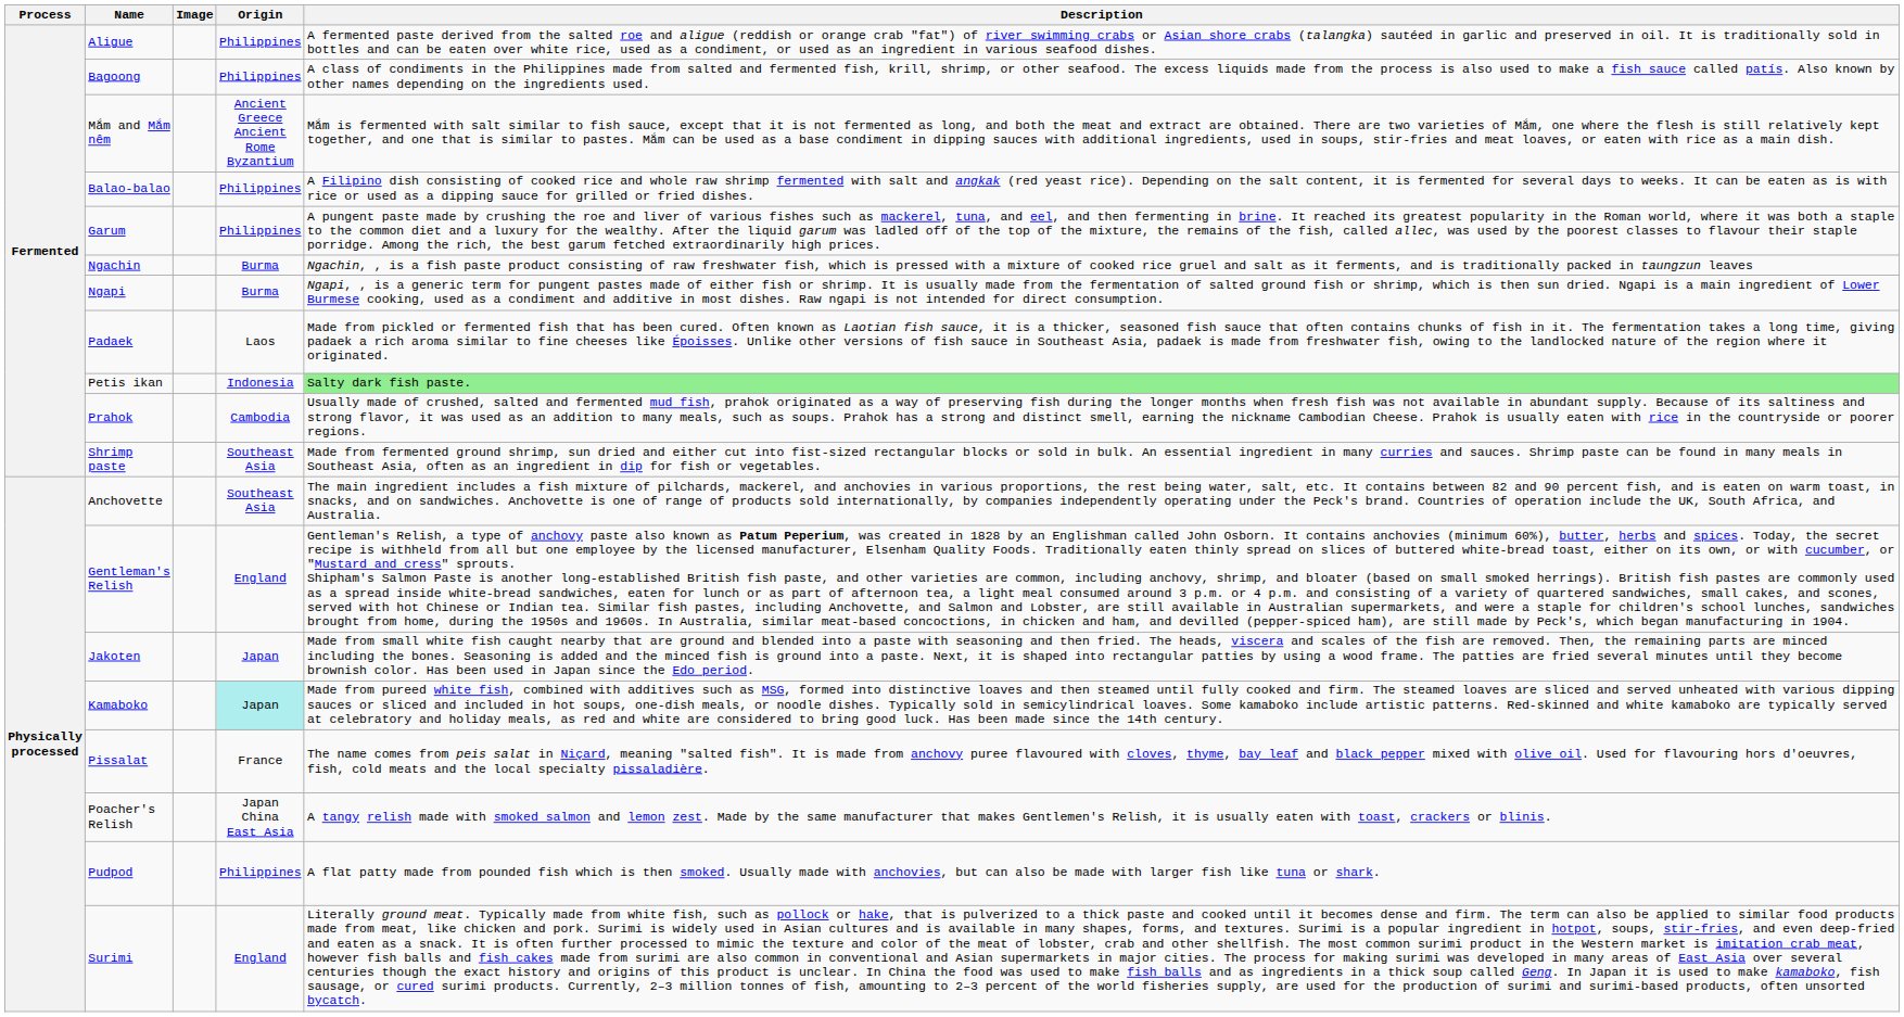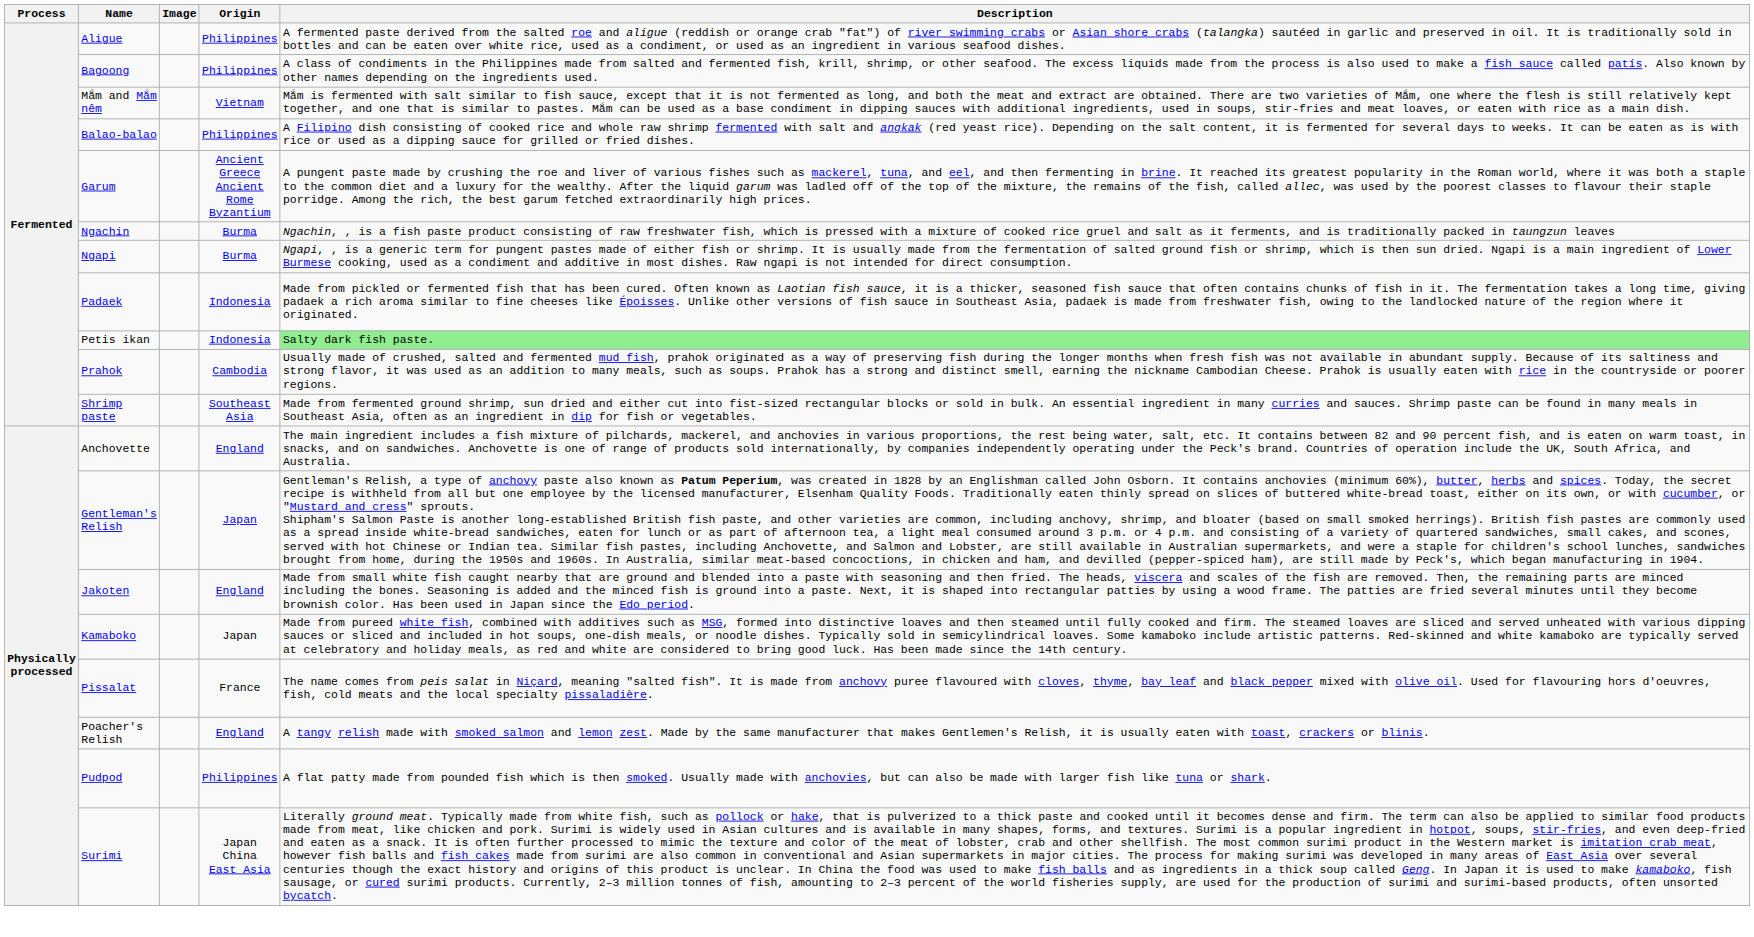 <table class="wikitable sortable" style="width:100%;">
 <tr>
 <th style="width:60px;">Process</th>
 <th style="width:80px;">Name</th>
 <th>Image</th>
 <th style="width:80px;">Origin</th>
 <th>Description</th>
 </tr>
 <tr>
 <th rowspan=11>Fermented</th>
 <td><a href='#'>Aligue</a></td>
 <td></td>
 <td align=center><a href='#'>Philippines</a></td>
 <td>A fermented paste derived from the salted <a href='#'>roe</a> and <em>aligue</em> (reddish or orange crab "fat") of <a href='#'>river swimming crabs</a> or <a href='#'>Asian shore crabs</a> (<em>talangka</em>) sautéed in garlic and preserved in oil. It is traditionally sold in bottles and can be eaten over white rice, used as a condiment, or used as an ingredient in various seafood dishes.</td>
 </tr>
 <tr>
 <td><a href='#'>Bagoong</a></td>
 <td></td>
 <td align=center><a href='#'>Philippines</a></td>
 <td>A class of condiments in the Philippines made from salted and fermented fish, krill, shrimp, or other seafood. The excess liquids made from the process is also used to make a <a href='#'>fish sauce</a> called <a href='#'>patís</a>. Also known by other names depending on the ingredients used.</td>
 </tr>
 <tr>
 <td>Mắm and <a href='#'>Mắm nêm</a></td>
 <td></td>
-<td align=center><a href='#'>Ancient Greece</a><br><a href='#'>Ancient Rome</a><br><a href='#'>Byzantium</a></td>
+<td align=center><a href='#'>Vietnam</a></td>
 <td>Mắm is fermented with salt similar to fish sauce, except that it is not fermented as long, and both the meat and extract are obtained. There are two varieties of Mắm, one where the flesh is still relatively kept together, and one that is similar to pastes. Mắm can be used as a base condiment in dipping sauces with additional ingredients, used in soups, stir-fries and meat loaves, or eaten with rice as a main dish. </td>
 </tr>
 <tr>
 <td><a href='#'>Balao-balao</a></td>
 <td></td>
 <td align=center><a href='#'>Philippines</a></td>
 <td>A <a href='#'>Filipino</a> dish consisting of cooked rice and whole raw shrimp <a href='#'>fermented</a> with salt and <em><a href='#'>angkak</a></em> (red yeast rice). Depending on the salt content, it is fermented for several days to weeks. It can be eaten as is with rice or used as a dipping sauce for grilled or fried dishes.</td>
 </tr>
 <tr>
 <td><a href='#'>Garum</a></td>
 <td></td>
-<td align=center><a href='#'>Philippines</a></td>
+<td align=center><a href='#'>Ancient Greece</a><br><a href='#'>Ancient Rome</a><br><a href='#'>Byzantium</a></td>
 <td>A pungent paste made by crushing the roe and liver of various fishes such as <a href='#'>mackerel</a>, <a href='#'>tuna</a>, and <a href='#'>eel</a>, and then fermenting in <a href='#'>brine</a>. It reached its greatest popularity in the Roman world, where it was both a staple to the common diet and a luxury for the wealthy. After the liquid <em>garum</em> was ladled off of the top of the mixture, the remains of the fish, called <em>allec</em>, was used by the poorest classes to flavour their staple porridge. Among the rich, the best garum fetched extraordinarily high prices.</td>
 </tr>
 <tr>
 <td><a href='#'>Ngachin</a></td>
 <td></td>
 <td align=center><a href='#'>Burma</a></td>
 <td><em>Ngachin</em>, , is a fish paste product consisting of raw freshwater fish, which is pressed with a mixture of cooked rice gruel and salt as it ferments, and is traditionally packed in <em>taungzun</em> leaves</td>
 </tr>
 <tr>
 <td><a href='#'>Ngapi</a></td>
 <td></td>
 <td align=center><a href='#'>Burma</a></td>
 <td><em>Ngapi</em>, , is a generic term for pungent pastes made of either fish or shrimp. It is usually made from the fermentation of salted ground fish or shrimp, which is then sun dried. Ngapi is a main ingredient of <a href='#'>Lower Burmese</a> cooking, used as a condiment and additive in most dishes. Raw ngapi is not intended for direct consumption.</td>
 </tr>
 <tr>
 <td><a href='#'>Padaek</a></td>
 <td style="height:60px;"></td>
-<td align=center>Laos</td>
+<td align=center><a href='#'>Indonesia</a></td>
 <td>Made from pickled or fermented fish that has been cured. Often known as <em>Laotian fish sauce</em>, it is a thicker, seasoned fish sauce that often contains chunks of fish in it. The fermentation takes a long time, giving padaek a rich aroma similar to fine cheeses like <a href='#'>Époisses</a>. Unlike other versions of fish sauce in Southeast Asia, padaek is made from freshwater fish, owing to the landlocked nature of the region where it originated.</td>
 </tr>
 <tr>
 <td>Petis ikan</td>
 <td></td>
 <td align=center><a href='#'>Indonesia</a></td>
 <td style="background: lightgreen;">Salty dark fish paste.</td>
 </tr>
 <tr>
 <td><a href='#'>Prahok</a></td>
 <td></td>
 <td align=center><a href='#'>Cambodia</a></td>
 <td>Usually made of crushed, salted and fermented <a href='#'>mud fish</a>, prahok originated as a way of preserving fish during the longer months when fresh fish was not available in abundant supply. Because of its saltiness and strong flavor, it was used as an addition to many meals, such as soups. Prahok has a strong and distinct smell, earning the nickname Cambodian Cheese. Prahok is usually eaten with <a href='#'>rice</a> in the countryside or poorer regions.</td>
 </tr>
 <tr>
 <td><a href='#'>Shrimp paste</a></td>
 <td></td>
 <td align=center><a href='#'>Southeast Asia</a></td>
 <td>Made from fermented ground shrimp, sun dried and either cut into fist-sized rectangular blocks or sold in bulk. An essential ingredient in many <a href='#'>curries</a> and sauces. Shrimp paste can be found in many meals in Southeast Asia, often as an ingredient in <a href='#'>dip</a> for fish or vegetables.</td>
 </tr>
 <tr>
 <th rowspan=8>Physically processed</th>
 <td>Anchovette</td>
 <td></td>
-<td align=center><a href='#'>Southeast Asia</a></td>
+<td align=center><a href='#'>England</a></td>
 <td>The main ingredient includes a fish mixture of pilchards, mackerel, and anchovies in various proportions, the rest being water, salt, etc. It contains between 82 and 90 percent fish, and is eaten on warm toast, in snacks, and on sandwiches. Anchovette is one of range of products sold internationally, by companies independently operating under the Peck's brand. Countries of operation include the UK, South Africa, and Australia.</td>
 </tr>
 <tr>
 <td><a href='#'>Gentleman's Relish</a></td>
 <td></td>
-<td align=center><a href='#'>England</a></td>
+<td align=center><a href='#'>Japan</a></td>
 <td>Gentleman's Relish, a type of <a href='#'>anchovy</a> paste also known as <strong>Patum Peperium</strong>, was created in 1828 by an Englishman called John Osborn. It contains anchovies (minimum 60%), <a href='#'>butter</a>, <a href='#'>herbs</a> and <a href='#'>spices</a>. Today, the secret recipe is withheld from all but one employee by the licensed manufacturer, Elsenham Quality Foods. Traditionally eaten thinly spread on slices of buttered white-bread toast, either on its own, or with <a href='#'>cucumber</a>, or "<a href='#'>Mustard and cress</a>" sprouts.<br>Shipham's Salmon Paste is another long-established British fish paste, and other varieties are common, including anchovy, shrimp, and bloater (based on small smoked herrings). British fish pastes are commonly used as a spread inside white-bread sandwiches, eaten for lunch or as part of afternoon tea, a light meal consumed around 3 p.m. or 4 p.m. and consisting of a variety of quartered sandwiches, small cakes, and scones, served with hot Chinese or Indian tea. Similar fish pastes, including Anchovette, and Salmon and Lobster, are still available in Australian supermarkets, and were a staple for children's school lunches, sandwiches brought from home, during the 1950s and 1960s. In Australia, similar meat-based concoctions, in chicken and ham, and devilled (pepper-spiced ham), are still made by Peck's, which began manufacturing in 1904.</td>
 </tr>
 <tr>
 <td><a href='#'>Jakoten</a></td>
 <td></td>
-<td align=center><a href='#'>Japan</a></td>
+<td align=center><a href='#'>England</a></td>
 <td>Made from small white fish caught nearby that are ground and blended into a paste with seasoning and then fried. The heads, <a href='#'>viscera</a> and scales of the fish are removed. Then, the remaining  parts are minced including the bones. Seasoning is added and the  minced fish is ground into a paste. Next, it is shaped into rectangular patties by using a wood frame. The patties are fried several minutes until they become brownish color. Has been used in Japan since the <a href='#'>Edo period</a>.</td>
 </tr>
 <tr>
 <td><a href='#'>Kamaboko</a></td>
 <td></td>
-<td align=center style="background: paleturquoise;">Japan</td>
+<td align=center>Japan</td>
 <td>Made from pureed <a href='#'>white fish</a>, combined with additives such as <a href='#'>MSG</a>, formed into distinctive loaves and then steamed until fully cooked and firm. The steamed loaves are sliced and served unheated with various dipping sauces or sliced and included in hot soups, one-dish meals, or noodle dishes. Typically sold in semicylindrical loaves. Some kamaboko include artistic patterns. Red-skinned and white kamaboko are typically served at celebratory and holiday meals, as red and white are considered to bring good luck. Has been made since the 14th century.</td>
 </tr>
 <tr>
 <td><a href='#'>Pissalat</a></td>
 <td style="height:60px;"></td>
 <td align=center>France</td>
 <td>The name comes from <em>peis salat</em> in <a href='#'>Niçard</a>, meaning "salted fish". It is made from <a href='#'>anchovy</a> puree flavoured with <a href='#'>cloves</a>, <a href='#'>thyme</a>, <a href='#'>bay leaf</a> and <a href='#'>black pepper</a> mixed with <a href='#'>olive oil</a>. Used for flavouring hors d'oeuvres, fish, cold meats and the local specialty <a href='#'>pissaladière</a>.</td>
 </tr>
 <tr>
 <td>Poacher's Relish</td>
 <td></td>
-<td align=center>Japan<br>China<br><a href='#'>East Asia</a></td>
+<td align=center><a href='#'>England</a></td>
 <td>A <a href='#'>tangy</a> <a href='#'>relish</a> made with <a href='#'>smoked salmon</a> and <a href='#'>lemon</a> <a href='#'>zest</a>. Made by the same manufacturer that makes Gentlemen's Relish, it is usually eaten with <a href='#'>toast</a>, <a href='#'>crackers</a> or <a href='#'>blinis</a>.</td>
 </tr>
 <tr>
 <td><a href='#'>Pudpod</a></td>
 <td style="height:60px;"></td>
 <td align=center><a href='#'>Philippines</a></td>
 <td>A flat patty made from pounded fish which is then <a href='#'>smoked</a>. Usually made with <a href='#'>anchovies</a>, but can also be made with larger fish like <a href='#'>tuna</a> or <a href='#'>shark</a>.</td>
 </tr>
 <tr>
 <td><a href='#'>Surimi</a></td>
 <td></td>
-<td align=center><a href='#'>England</a></td>
+<td align=center>Japan<br>China<br><a href='#'>East Asia</a></td>
 <td>Literally <em>ground meat</em>. Typically made from white fish, such as <a href='#'>pollock</a> or <a href='#'>hake</a>, that is pulverized to a thick paste and cooked until it becomes dense and firm. The term can also be applied to similar food products made from meat, like chicken and pork. Surimi is widely used in Asian cultures and is available in many shapes, forms, and textures. Surimi is a popular ingredient in <a href='#'>hotpot</a>, soups, <a href='#'>stir-fries</a>, and even deep-fried and eaten as a snack. It is often further processed to mimic the texture and color of the meat of lobster, crab and other shellfish. The most common surimi product in the Western market is <a href='#'>imitation crab meat</a>, however fish balls and <a href='#'>fish cakes</a> made from surimi are also common in conventional and Asian supermarkets in major cities. The process for making surimi was developed in many areas of <a href='#'>East Asia</a> over several centuries though the exact history and origins of this product is unclear. In China the food was used to make <a href='#'>fish balls</a> and as ingredients in a thick soup called <em><a href='#'>Geng</a></em>. In Japan it is used to make <em><a href='#'>kamaboko</a></em>, fish sausage, or <a href='#'>cured</a> surimi products. Currently, 2–3 million tonnes of fish, amounting to 2–3 percent of the world fisheries supply, are used for the production of surimi and surimi-based products, often unsorted <a href='#'>bycatch</a>.</td>
 </tr>
 </table>
